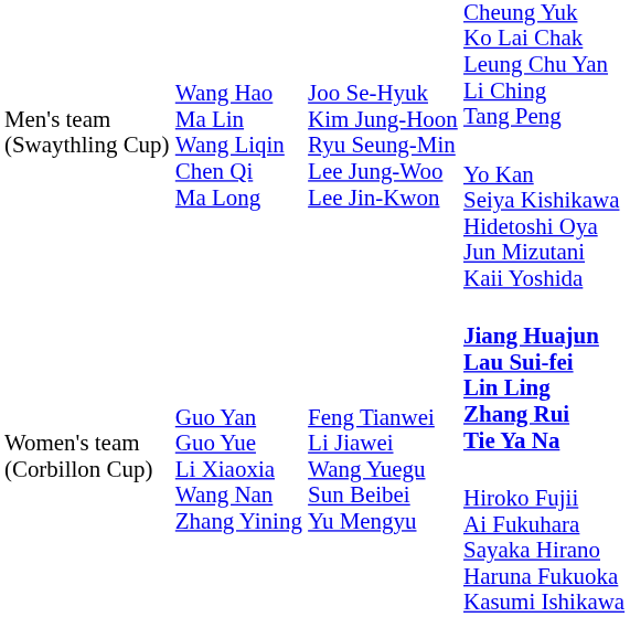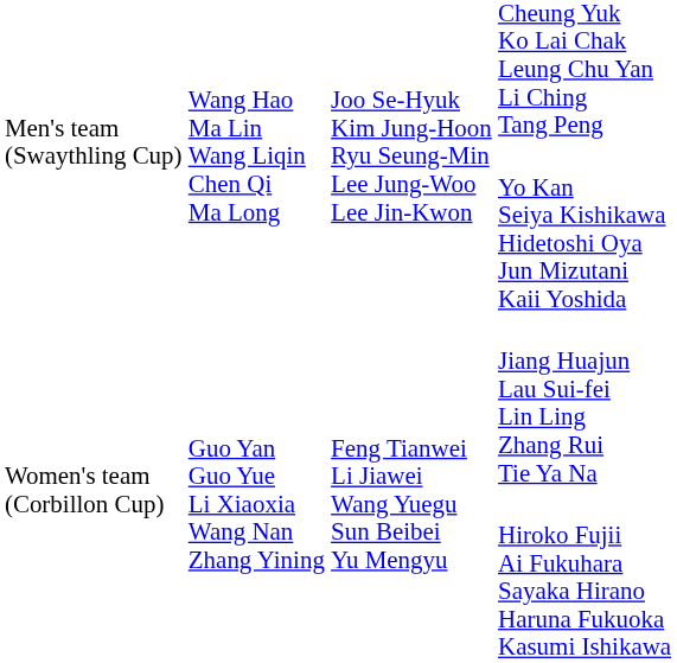 <table>
 <tr>
 <td rowspan=2>Men's team <br>(Swaythling Cup)</td>
 <td rowspan=2><br><a href='#'>Wang Hao</a><br><a href='#'>Ma Lin</a><br><a href='#'>Wang Liqin</a><br><a href='#'>Chen Qi</a><br><a href='#'>Ma Long</a></td>
 <td rowspan=2><br><a href='#'>Joo Se-Hyuk</a><br><a href='#'>Kim Jung-Hoon</a><br><a href='#'>Ryu Seung-Min</a><br><a href='#'>Lee Jung-Woo</a><br><a href='#'>Lee Jin-Kwon</a></td>
 <td><br><a href='#'>Cheung Yuk</a><br><a href='#'>Ko Lai Chak</a><br><a href='#'>Leung Chu Yan</a><br><a href='#'>Li Ching</a><br><a href='#'>Tang Peng</a></td>
 </tr>
 <tr>
 <td><br><a href='#'>Yo Kan</a><br><a href='#'>Seiya Kishikawa</a><br><a href='#'>Hidetoshi Oya</a><br><a href='#'>Jun Mizutani</a><br><a href='#'>Kaii Yoshida</a></td>
 </tr>
 <tr>
 <td rowspan=2>Women's team <br>(Corbillon Cup)</td>
 <td rowspan=2><br><a href='#'>Guo Yan</a><br><a href='#'>Guo Yue</a><br><a href='#'>Li Xiaoxia</a><br><a href='#'>Wang Nan</a><br><a href='#'>Zhang Yining</a></td>
 <td rowspan=2><br><a href='#'>Feng Tianwei</a><br><a href='#'>Li Jiawei</a><br><a href='#'>Wang Yuegu</a><br><a href='#'>Sun Beibei</a><br><a href='#'>Yu Mengyu</a></td>
-<td><strong><br><a href='#'>Jiang Huajun</a><br><a href='#'>Lau Sui-fei</a><br><a href='#'>Lin Ling</a><br><a href='#'>Zhang Rui</a><br><a href='#'>Tie Ya Na</a></strong></td>
+<td><br><a href='#'>Jiang Huajun</a><br><a href='#'>Lau Sui-fei</a><br><a href='#'>Lin Ling</a><br><a href='#'>Zhang Rui</a><br><a href='#'>Tie Ya Na</a></td>
 </tr>
 <tr>
 <td><br><a href='#'>Hiroko Fujii</a><br><a href='#'>Ai Fukuhara</a><br><a href='#'>Sayaka Hirano</a><br><a href='#'>Haruna Fukuoka</a><br><a href='#'>Kasumi Ishikawa</a></td>
 </tr>
 </table>
